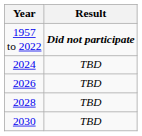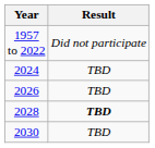 <table class="wikitable" style="text-align: center; font-size:90%">
 <tr>
 <th>Year</th>
 <th>Result</th>
 </tr>
 <tr>
 <td> <a href='#'>1957</a><br>to  <a href='#'>2022</a></td>
-<td><strong><em>Did not participate</em></strong></td>
+<td><em>Did not participate</em></td>
 </tr>
 <tr>
 <td> <a href='#'>2024</a></td>
 <td><em>TBD</em></td>
 </tr>
 <tr>
 <td> <a href='#'>2026</a></td>
 <td><em>TBD</em></td>
 </tr>
 <tr>
 <td> <a href='#'>2028</a></td>
-<td><em>TBD</em></td>
+<td><strong><em>TBD</em></strong></td>
 </tr>
 <tr>
 <td> <a href='#'>2030</a></td>
 <td><em>TBD</em></td>
 </tr>
 </table>
